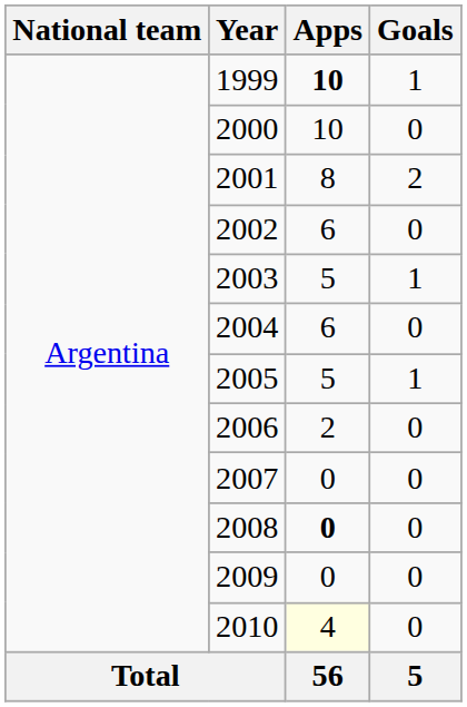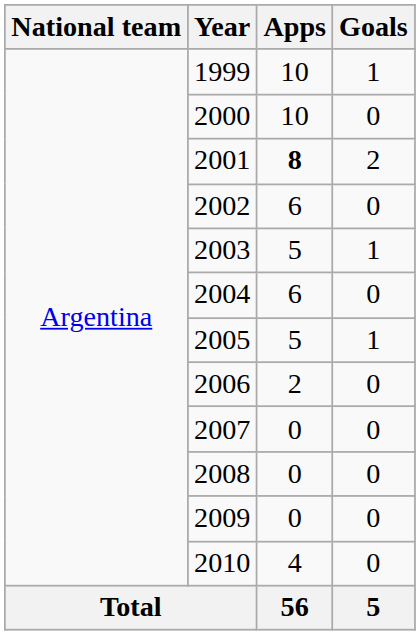 <table class="wikitable" style="text-align:center">
 <tr>
 <th>National team</th>
 <th>Year</th>
 <th>Apps</th>
 <th>Goals</th>
 </tr>
 <tr>
 <td rowspan="12"><a href='#'>Argentina</a></td>
 <td>1999</td>
-<td><strong>10</strong></td>
+<td>10</td>
 <td>1</td>
 </tr>
 <tr>
 <td>2000</td>
 <td>10</td>
 <td>0</td>
 </tr>
 <tr>
 <td>2001</td>
-<td>8</td>
+<td><strong>8</strong></td>
 <td>2</td>
 </tr>
 <tr>
 <td>2002</td>
 <td>6</td>
 <td>0</td>
 </tr>
 <tr>
 <td>2003</td>
 <td>5</td>
 <td>1</td>
 </tr>
 <tr>
 <td>2004</td>
 <td>6</td>
 <td>0</td>
 </tr>
 <tr>
 <td>2005</td>
 <td>5</td>
 <td>1</td>
 </tr>
 <tr>
 <td>2006</td>
 <td>2</td>
 <td>0</td>
 </tr>
 <tr>
 <td>2007</td>
 <td>0</td>
 <td>0</td>
 </tr>
 <tr>
 <td>2008</td>
-<td><strong>0</strong></td>
+<td>0</td>
 <td>0</td>
 </tr>
 <tr>
 <td>2009</td>
 <td>0</td>
 <td>0</td>
 </tr>
 <tr>
 <td>2010</td>
-<td style="background: lightyellow;">4</td>
+<td>4</td>
 <td>0</td>
 </tr>
 <tr>
 <th colspan="2">Total</th>
 <th>56</th>
 <th>5</th>
 </tr>
 </table>
